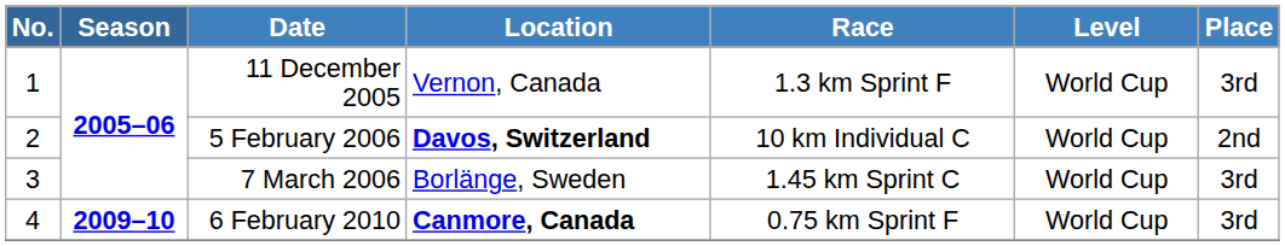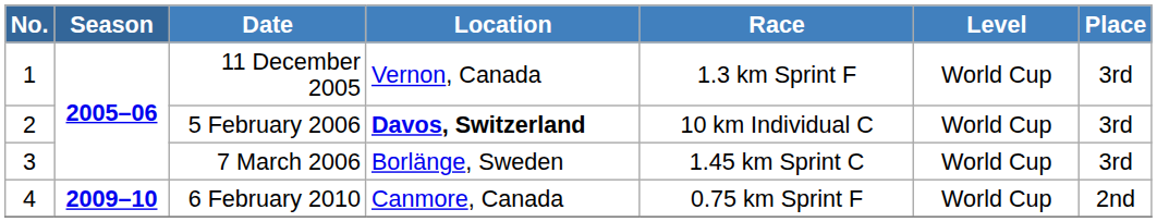 <table class="wikitable sortable" style="font-size:95%; text-align:center; border:grey solid 1px; border-collapse:collapse; background:#ffffff;">
 <tr style="background:#efefef;">
 <th style="background-color:#369; color:white;">No.</th>
 <th style="background-color:#369; color:white;">Season</th>
 <th style="background-color:#4180be; color:white; width:120px;">Date</th>
 <th style="background-color:#4180be; color:white; width:170px;">Location</th>
 <th style="background-color:#4180be; color:white; width:170px;">Race</th>
 <th style="background-color:#4180be; color:white; width:100px;">Level</th>
 <th style="background-color:#4180be; color:white;">Place</th>
 </tr>
 <tr>
 <td align=center>1</td>
 <td rowspan=3 align=center><strong> <a href='#'>2005–06</a> </strong></td>
 <td align=right>11 December 2005</td>
 <td align=left> <a href='#'>Vernon</a>, Canada</td>
 <td>1.3 km Sprint F</td>
 <td>World Cup</td>
 <td>3rd</td>
 </tr>
 <tr>
 <td align=center>2</td>
 <td align=right>5 February 2006</td>
 <td align=left><strong> <a href='#'>Davos</a>, Switzerland</strong></td>
 <td>10 km Individual C</td>
 <td>World Cup</td>
-<td>2nd</td>
+<td>3rd</td>
 </tr>
 <tr>
 <td align=center>3</td>
 <td align=right>7 March 2006</td>
 <td align=left> <a href='#'>Borlänge</a>, Sweden</td>
 <td>1.45 km Sprint C</td>
 <td>World Cup</td>
 <td>3rd</td>
 </tr>
 <tr>
 <td align=center>4</td>
 <td rowspan=1 align=center><strong> <a href='#'>2009–10</a> </strong></td>
 <td align=right>6 February 2010</td>
-<td align=left><strong> <a href='#'>Canmore</a>, Canada</strong></td>
+<td align=left> <a href='#'>Canmore</a>, Canada</td>
 <td>0.75 km Sprint F</td>
 <td>World Cup</td>
-<td>3rd</td>
+<td>2nd</td>
 </tr>
 <tr>
 </tr>
 </table>
